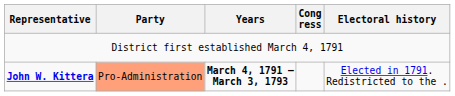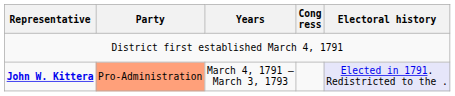 <table class=wikitable style="text-align:center">
 <tr style="height:3em">
 <th>Representative</th>
 <th>Party</th>
 <th>Years</th>
 <th>Cong<br>ress</th>
 <th>Electoral history</th>
 </tr>
 <tr style="height:3em">
 <td colspan=6>District first established March 4, 1791</td>
 </tr>
 <tr style="height:3em">
 <td align=left><strong><a href='#'>John W. Kittera</a></strong><br></td>
 <td style="background: lightsalmon;">Pro-Administration</td>
-<td nowrap><strong>March 4, 1791 –<br>March 3, 1793</strong></td>
+<td nowrap>March 4, 1791 –<br>March 3, 1793</td>
 <td></td>
-<td><a href='#'>Elected in 1791</a>.<br>Redistricted to the .</td>
+<td style="background: lavender;"><a href='#'>Elected in 1791</a>.<br>Redistricted to the .</td>
 </tr>
 </table>
